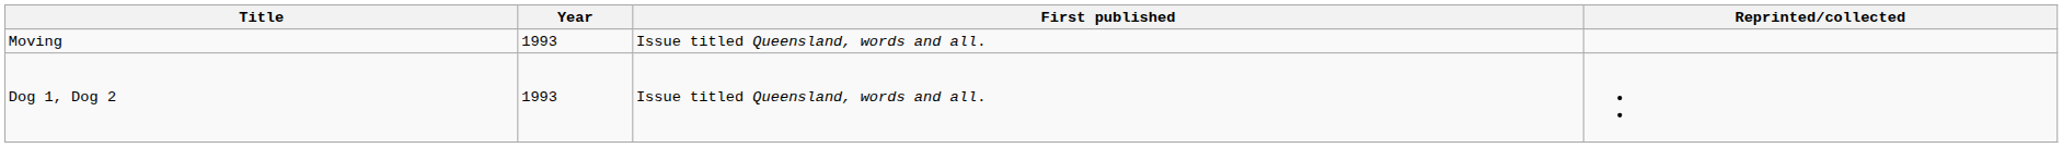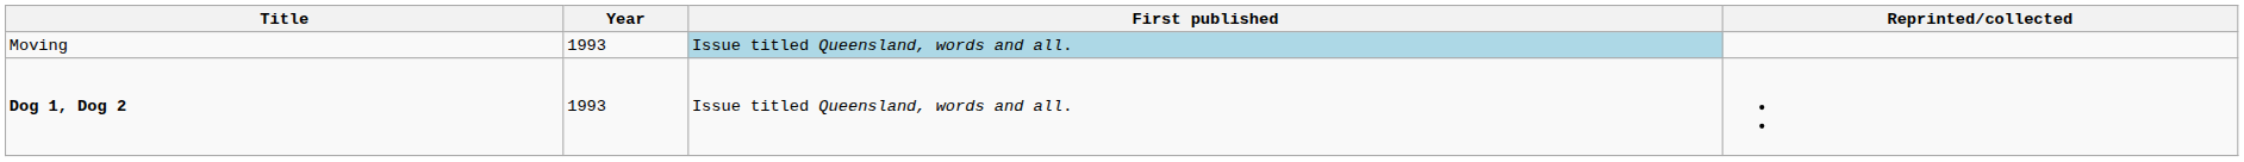 <table class='wikitable sortable' width='90%'>
 <tr>
 <th width=25%>Title</th>
 <th>Year</th>
 <th>First published</th>
 <th>Reprinted/collected</th>
 </tr>
 <tr>
 <td>Moving</td>
 <td>1993</td>
-<td> Issue titled <em>Queensland, words and all</em>.</td>
+<td style="background: lightblue;"> Issue titled <em>Queensland, words and all</em>.</td>
 <td></td>
 </tr>
 <tr>
-<td>Dog 1, Dog 2</td>
+<td><strong>Dog 1, Dog 2</strong></td>
 <td>1993</td>
 <td> Issue titled <em>Queensland, words and all</em>.</td>
 <td><br><ul><li></li><li></li></ul></td>
 </tr>
 <tr>
 </tr>
 </table>
